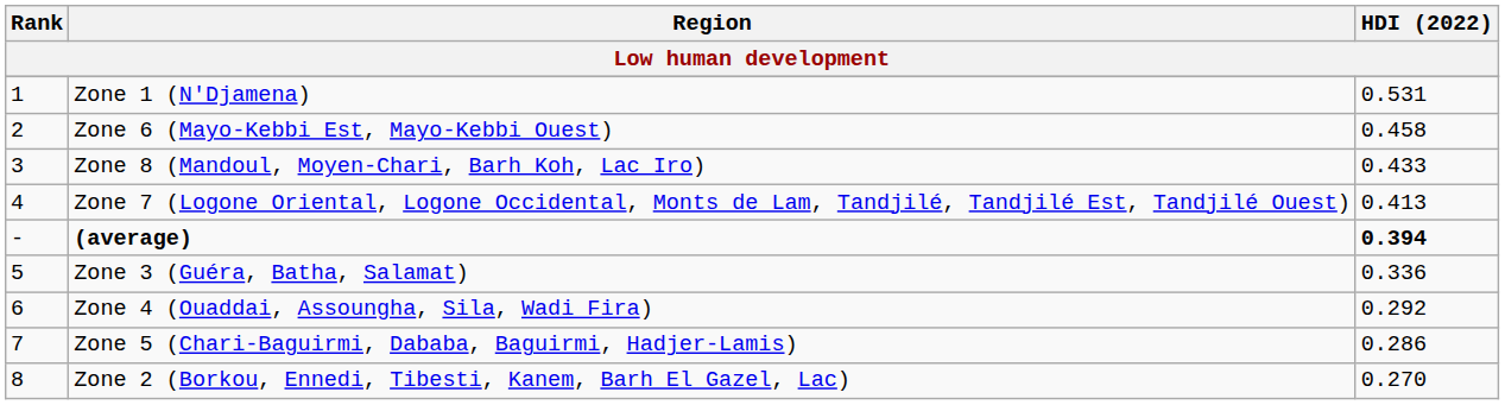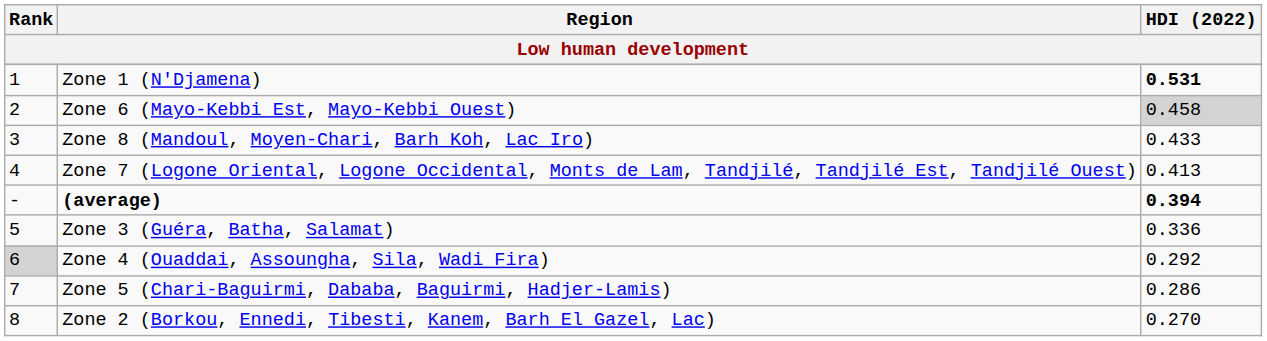 <table class="wikitable sortable">
 <tr>
 <th>Rank</th>
 <th>Region</th>
 <th>HDI (2022)</th>
 </tr>
 <tr>
 <th style="color:#900;" colspan="3">Low human development</th>
 </tr>
 <tr style="background:#e6e6e6">
 </tr>
 <tr>
 <td>1</td>
 <td>Zone 1 (<a href='#'>N'Djamena</a>)</td>
-<td>0.531</td>
+<td><strong>0.531</strong></td>
 </tr>
 <tr>
 <td>2</td>
 <td>Zone 6 (<a href='#'>Mayo-Kebbi Est</a>, <a href='#'>Mayo-Kebbi Ouest</a>)</td>
-<td>0.458</td>
+<td style="background: lightgrey;">0.458</td>
 </tr>
 <tr>
 <td>3</td>
 <td>Zone 8 (<a href='#'>Mandoul</a>, <a href='#'>Moyen-Chari</a>, <a href='#'>Barh Koh</a>, <a href='#'>Lac Iro</a>)</td>
 <td>0.433</td>
 </tr>
 <tr>
 <td>4</td>
 <td>Zone 7 (<a href='#'>Logone Oriental</a>, <a href='#'>Logone Occidental</a>, <a href='#'>Monts de Lam</a>, <a href='#'>Tandjilé</a>, <a href='#'>Tandjilé Est</a>, <a href='#'>Tandjilé Ouest</a>)</td>
 <td>0.413</td>
 </tr>
 <tr>
 <td>-</td>
 <td><strong></strong> <strong>(average)</strong></td>
 <td><strong>0.394</strong></td>
 </tr>
 <tr>
 <td>5</td>
 <td>Zone 3 (<a href='#'>Guéra</a>, <a href='#'>Batha</a>, <a href='#'>Salamat</a>)</td>
 <td>0.336</td>
 </tr>
 <tr>
-<td>6</td>
+<td style="background: lightgrey;">6</td>
 <td>Zone 4 (<a href='#'>Ouaddai</a>, <a href='#'>Assoungha</a>, <a href='#'>Sila</a>, <a href='#'>Wadi Fira</a>)</td>
 <td>0.292</td>
 </tr>
 <tr>
 <td>7</td>
 <td>Zone 5 (<a href='#'>Chari-Baguirmi</a>, <a href='#'>Dababa</a>, <a href='#'>Baguirmi</a>, <a href='#'>Hadjer-Lamis</a>)</td>
 <td>0.286</td>
 </tr>
 <tr>
 <td>8</td>
 <td>Zone 2 (<a href='#'>Borkou</a>, <a href='#'>Ennedi</a>, <a href='#'>Tibesti</a>, <a href='#'>Kanem</a>, <a href='#'>Barh El Gazel</a>, <a href='#'>Lac</a>)</td>
 <td>0.270</td>
 </tr>
 </table>
